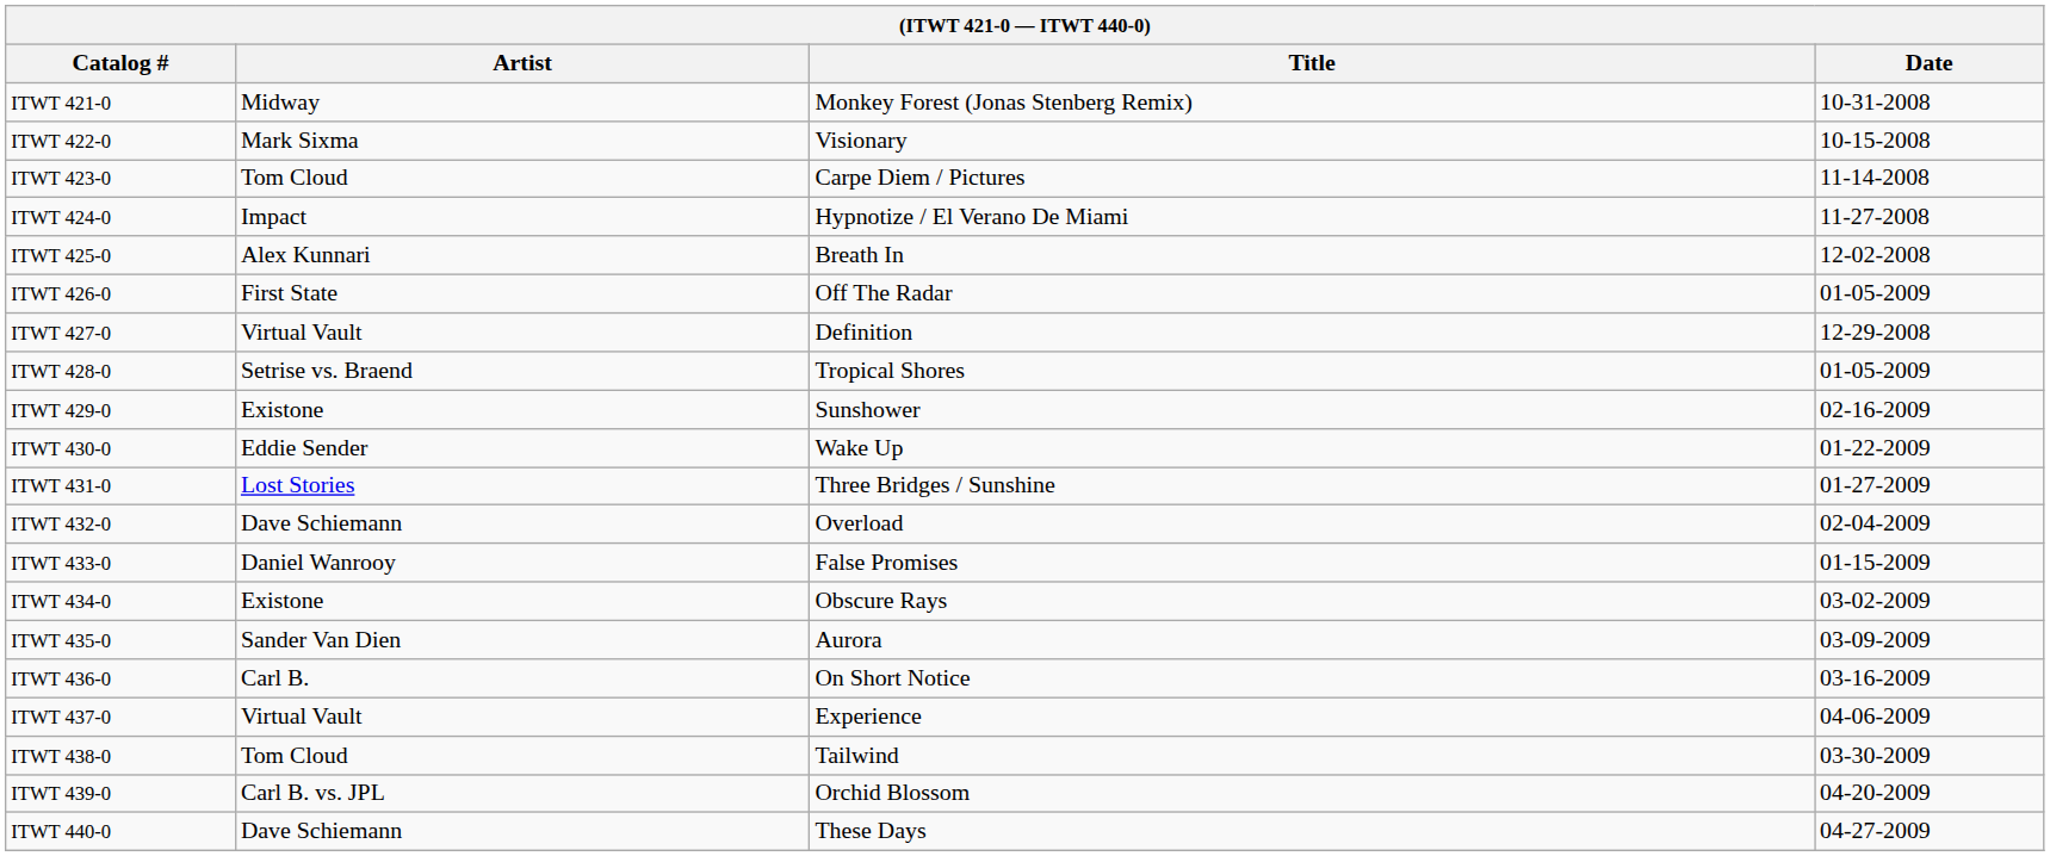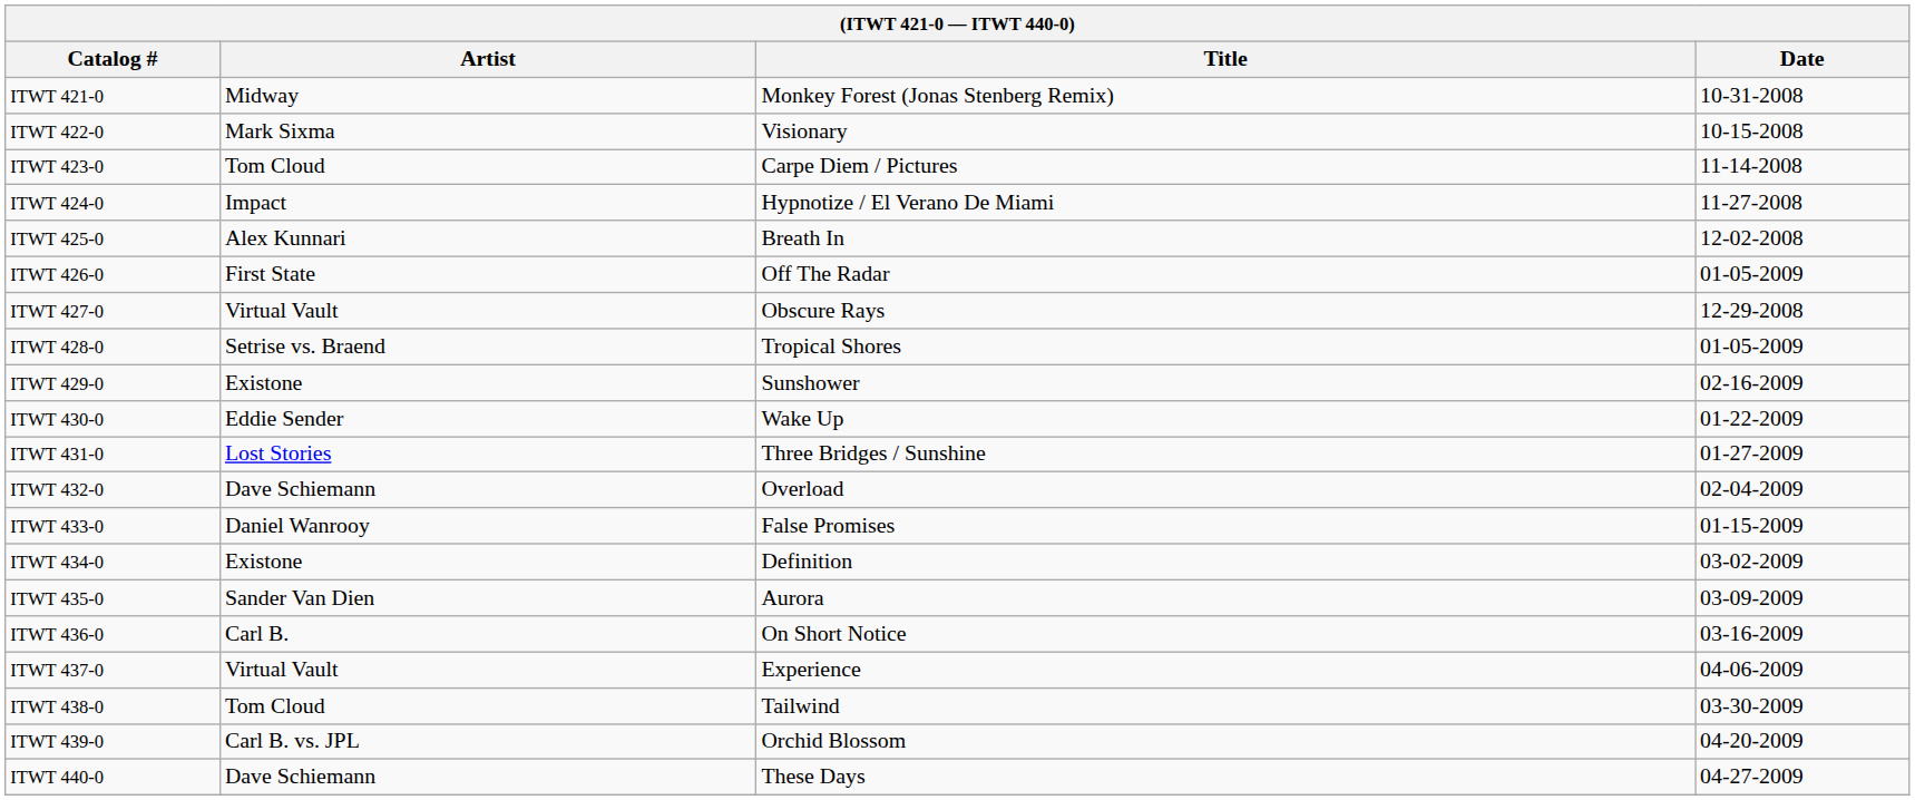 <table width="80%" class="wikitable collapsible collapsed" style="font-size:92%;position:relative;">
 <tr>
 <th colspan="5"><small>(ITWT 421-0 — ITWT 440-0)</small></th>
 </tr>
 <tr>
 <th width="8%">Catalog #</th>
 <th width="20%">Artist</th>
 <th width="35%">Title</th>
 <th width="8%">Date</th>
 </tr>
 <tr>
 <td><small>ITWT 421-0</small></td>
 <td>Midway</td>
 <td>Monkey Forest (Jonas Stenberg Remix)</td>
 <td>10-31-2008</td>
 </tr>
 <tr>
 <td><small>ITWT 422-0</small></td>
 <td>Mark Sixma</td>
 <td>Visionary</td>
 <td>10-15-2008</td>
 </tr>
 <tr>
 <td><small>ITWT 423-0</small></td>
 <td>Tom Cloud</td>
 <td>Carpe Diem / Pictures</td>
 <td>11-14-2008</td>
 </tr>
 <tr>
 <td><small>ITWT 424-0</small></td>
 <td>Impact</td>
 <td>Hypnotize / El Verano De Miami</td>
 <td>11-27-2008</td>
 </tr>
 <tr>
 <td><small>ITWT 425-0</small></td>
 <td>Alex Kunnari</td>
 <td>Breath In</td>
 <td>12-02-2008</td>
 </tr>
 <tr>
 <td><small>ITWT 426-0</small></td>
 <td>First State</td>
 <td>Off The Radar</td>
 <td>01-05-2009</td>
 </tr>
 <tr>
 <td><small>ITWT 427-0</small></td>
 <td>Virtual Vault</td>
-<td>Definition</td>
+<td>Obscure Rays</td>
 <td>12-29-2008</td>
 </tr>
 <tr>
 <td><small>ITWT 428-0</small></td>
 <td>Setrise vs. Braend</td>
 <td>Tropical Shores</td>
 <td>01-05-2009</td>
 </tr>
 <tr>
 <td><small>ITWT 429-0</small></td>
 <td>Existone</td>
 <td>Sunshower</td>
 <td>02-16-2009</td>
 </tr>
 <tr>
 <td><small>ITWT 430-0</small></td>
 <td>Eddie Sender</td>
 <td>Wake Up</td>
 <td>01-22-2009</td>
 </tr>
 <tr>
 <td><small>ITWT 431-0</small></td>
 <td><a href='#'>Lost Stories</a></td>
 <td>Three Bridges / Sunshine</td>
 <td>01-27-2009</td>
 </tr>
 <tr>
 <td><small>ITWT 432-0</small></td>
 <td>Dave Schiemann</td>
 <td>Overload</td>
 <td>02-04-2009</td>
 </tr>
 <tr>
 <td><small>ITWT 433-0</small></td>
 <td>Daniel Wanrooy</td>
 <td>False Promises</td>
 <td>01-15-2009</td>
 </tr>
 <tr>
 <td><small>ITWT 434-0</small></td>
 <td>Existone</td>
-<td>Obscure Rays</td>
+<td>Definition</td>
 <td>03-02-2009</td>
 </tr>
 <tr>
 <td><small>ITWT 435-0</small></td>
 <td>Sander Van Dien</td>
 <td>Aurora</td>
 <td>03-09-2009</td>
 </tr>
 <tr>
 <td><small>ITWT 436-0</small></td>
 <td>Carl B.</td>
 <td>On Short Notice</td>
 <td>03-16-2009</td>
 </tr>
 <tr>
 <td><small>ITWT 437-0</small></td>
 <td>Virtual Vault</td>
 <td>Experience</td>
 <td>04-06-2009</td>
 </tr>
 <tr>
 <td><small>ITWT 438-0</small></td>
 <td>Tom Cloud</td>
 <td>Tailwind</td>
 <td>03-30-2009</td>
 </tr>
 <tr>
 <td><small>ITWT 439-0</small></td>
 <td>Carl B. vs. JPL</td>
 <td>Orchid Blossom</td>
 <td>04-20-2009</td>
 </tr>
 <tr>
 <td><small>ITWT 440-0</small></td>
 <td>Dave Schiemann</td>
 <td>These Days</td>
 <td>04-27-2009</td>
 </tr>
 <tr>
 </tr>
 </table>
